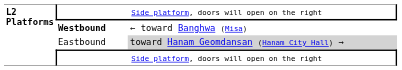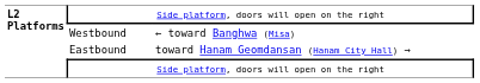 <table table border=0 cellspacing=0 cellpadding=3>
 <tr>
 <td style="border-top:solid 1px gray;border-bottom:solid 1px gray;" width=50 rowspan=10 valign=top><strong>L2<br>Platforms</strong></td>
 <td style="border-top:solid 1px gray;border-right:solid 2px black;border-left:solid 2px black;border-bottom:solid 2px black;text-align:center;" colspan=2><small><a href='#'>Side platform</a>, doors will open on the right</small></td>
 </tr>
 <tr>
-<td style="border-bottom:solid 0px gray;border-top:solid 1px gray;" width=100><strong>Westbound</strong></td>
+<td style="border-bottom:solid 0px gray;border-top:solid 1px gray;" width=100>Westbound</td>
 <td style="border-bottom:solid 0px gray;border-top:solid 1px gray;" width=390>←  toward <a href='#'>Banghwa</a> <small>(<a href='#'>Misa</a>)</small></td>
 </tr>
 <tr>
 <td>Eastbound</td>
-<td style="background: lightgrey;">  toward <a href='#'>Hanam Geomdansan</a> <small>(<a href='#'>Hanam City Hall</a>)</small> →</td>
+<td>  toward <a href='#'>Hanam Geomdansan</a> <small>(<a href='#'>Hanam City Hall</a>)</small> →</td>
 </tr>
 <tr>
 <td style="border-top:solid 2px black;border-right:solid 2px black;border-left:solid 2px black;border-bottom:solid 1px gray;text-align:center;" colspan=2><small><a href='#'>Side platform</a>, doors will open on the right</small></td>
 </tr>
 </table>
